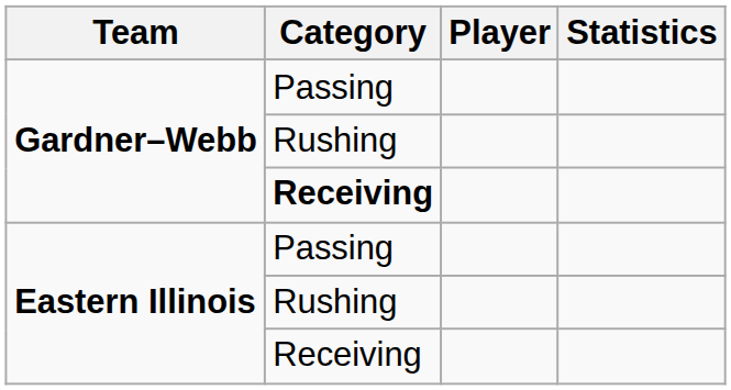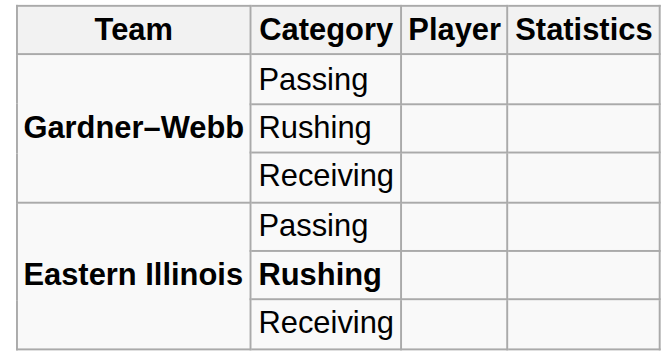 <table class="wikitable" style="float: right;">
 <tr>
 <th>Team</th>
 <th>Category</th>
 <th>Player</th>
 <th>Statistics</th>
 </tr>
 <tr>
 <td rowspan=3><strong>Gardner–Webb</strong></td>
 <td>Passing</td>
 <td></td>
 <td></td>
 </tr>
 <tr>
 <td>Rushing</td>
 <td></td>
 <td></td>
 </tr>
 <tr>
-<td><strong>Receiving</strong></td>
+<td>Receiving</td>
 <td></td>
 <td></td>
 </tr>
 <tr>
 <td rowspan=3><strong>Eastern Illinois</strong></td>
 <td>Passing</td>
 <td></td>
 <td></td>
 </tr>
 <tr>
-<td>Rushing</td>
+<td><strong>Rushing</strong></td>
 <td></td>
 <td></td>
 </tr>
 <tr>
 <td>Receiving</td>
 <td></td>
 <td></td>
 </tr>
 </table>
